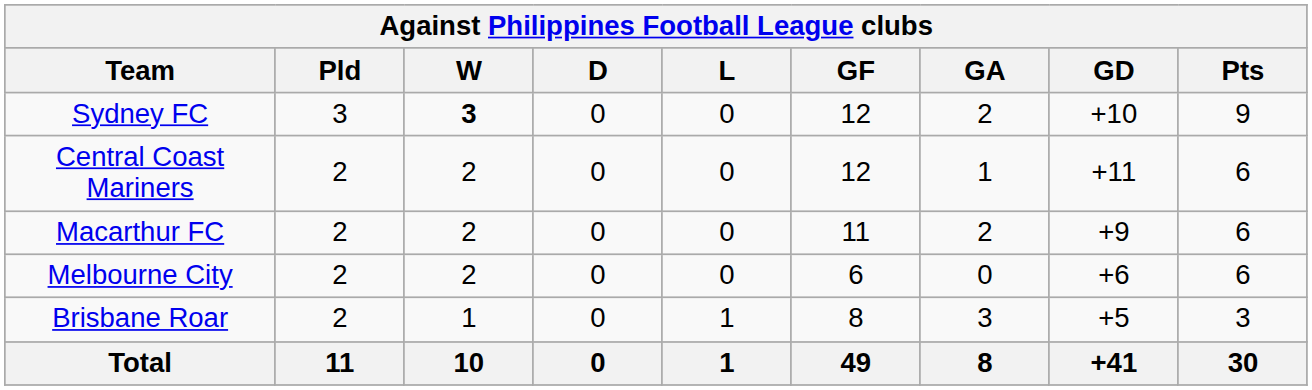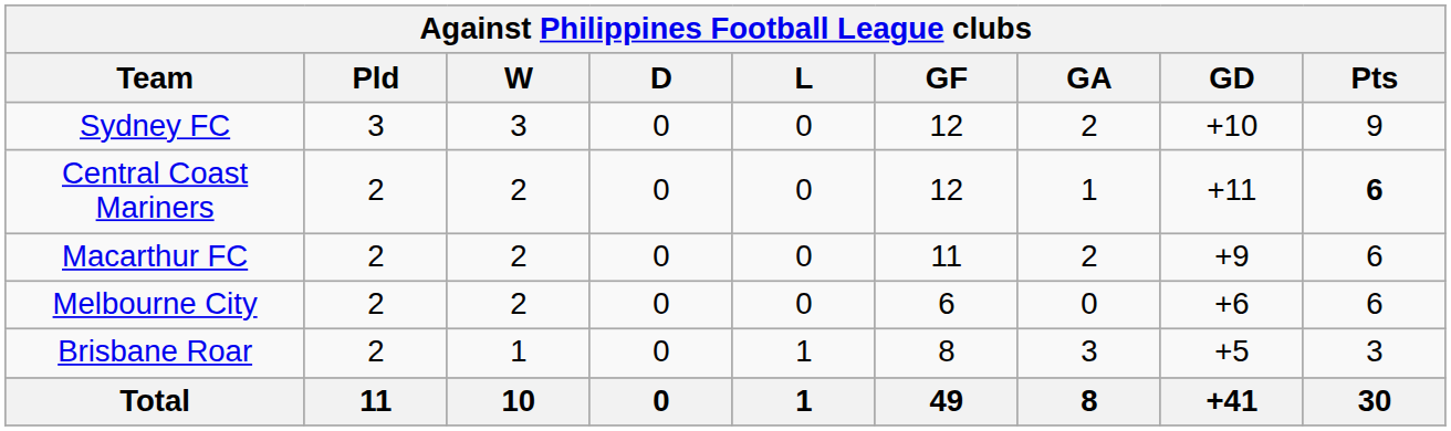 <table width=60% class="wikitable" style="text-align:center">
 <tr>
 <th colspan=9>Against <a href='#'>Philippines Football League</a> clubs</th>
 </tr>
 <tr>
 <th width=10%>Team</th>
 <th width=5%>Pld</th>
 <th width=5%>W</th>
 <th width=5%>D</th>
 <th width=5%>L</th>
 <th width=5%>GF</th>
 <th width=5%>GA</th>
 <th width=5%>GD</th>
 <th width=5%>Pts</th>
 </tr>
 <tr>
 <td align=center><a href='#'>Sydney FC</a></td>
 <td>3</td>
-<td><strong>3</strong></td>
+<td>3</td>
 <td>0</td>
 <td>0</td>
 <td>12</td>
 <td>2</td>
 <td>+10</td>
 <td>9</td>
 </tr>
 <tr>
 <td align=center><a href='#'>Central Coast Mariners</a></td>
 <td>2</td>
 <td>2</td>
 <td>0</td>
 <td>0</td>
 <td>12</td>
 <td>1</td>
 <td>+11</td>
-<td>6</td>
+<td><strong>6</strong></td>
 </tr>
 <tr>
 <td align=center><a href='#'>Macarthur FC</a></td>
 <td>2</td>
 <td>2</td>
 <td>0</td>
 <td>0</td>
 <td>11</td>
 <td>2</td>
 <td>+9</td>
 <td>6</td>
 </tr>
 <tr>
 <td align=center><a href='#'>Melbourne City</a></td>
 <td>2</td>
 <td>2</td>
 <td>0</td>
 <td>0</td>
 <td>6</td>
 <td>0</td>
 <td>+6</td>
 <td>6</td>
 </tr>
 <tr>
 <td align=center><a href='#'>Brisbane Roar</a></td>
 <td>2</td>
 <td>1</td>
 <td>0</td>
 <td>1</td>
 <td>8</td>
 <td>3</td>
 <td>+5</td>
 <td>3</td>
 </tr>
 <tr>
 <th>Total</th>
 <th>11</th>
 <th>10</th>
 <th>0</th>
 <th>1</th>
 <th>49</th>
 <th>8</th>
 <th>+41</th>
 <th>30</th>
 </tr>
 </table>
